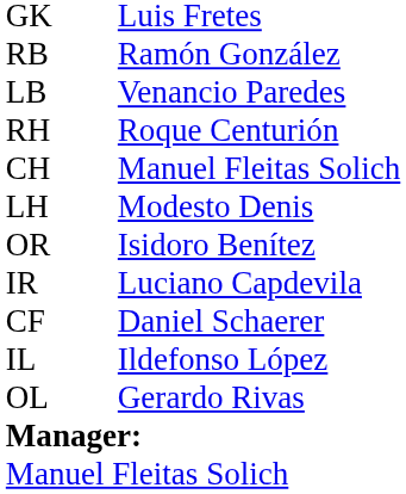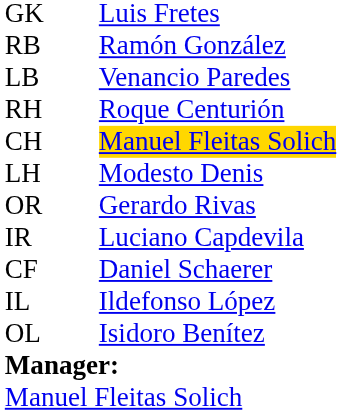 <table cellspacing="0" cellpadding="0" style="font-size:90%; margin:0.2em auto;">
 <tr>
 <th width="25"></th>
 <th width="25"></th>
 </tr>
 <tr>
 <td>GK</td>
 <td></td>
 <td><a href='#'>Luis Fretes</a></td>
 </tr>
 <tr>
 <td>RB</td>
 <td></td>
 <td><a href='#'>Ramón González</a></td>
 </tr>
 <tr>
 <td>LB</td>
 <td></td>
 <td><a href='#'>Venancio Paredes</a></td>
 </tr>
 <tr>
 <td>RH</td>
 <td></td>
 <td><a href='#'>Roque Centurión</a></td>
 </tr>
 <tr>
 <td>CH</td>
 <td></td>
-<td><a href='#'>Manuel Fleitas Solich</a></td>
+<td style="background: gold;"><a href='#'>Manuel Fleitas Solich</a></td>
 </tr>
 <tr>
 <td>LH</td>
 <td></td>
 <td><a href='#'>Modesto Denis</a></td>
 </tr>
 <tr>
 <td>OR</td>
 <td></td>
-<td><a href='#'>Isidoro Benítez</a></td>
+<td><a href='#'>Gerardo Rivas</a></td>
 </tr>
 <tr>
 <td>IR</td>
 <td></td>
 <td><a href='#'>Luciano Capdevila</a></td>
 </tr>
 <tr>
 <td>CF</td>
 <td></td>
 <td><a href='#'>Daniel Schaerer</a></td>
 </tr>
 <tr>
 <td>IL</td>
 <td></td>
 <td><a href='#'>Ildefonso López</a></td>
 </tr>
 <tr>
 <td>OL</td>
 <td></td>
-<td><a href='#'>Gerardo Rivas</a></td>
+<td><a href='#'>Isidoro Benítez</a></td>
 </tr>
 <tr>
 <td colspan=5><strong>Manager:</strong></td>
 </tr>
 <tr>
 <td colspan=5><a href='#'>Manuel Fleitas Solich</a></td>
 </tr>
 </table>
